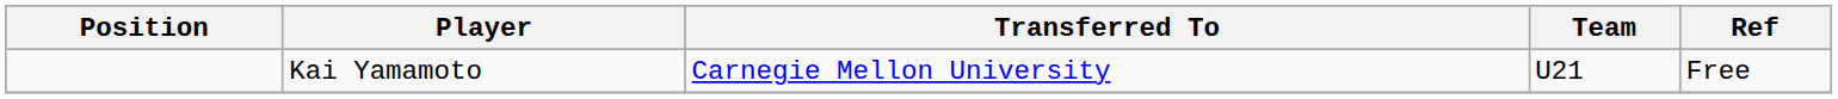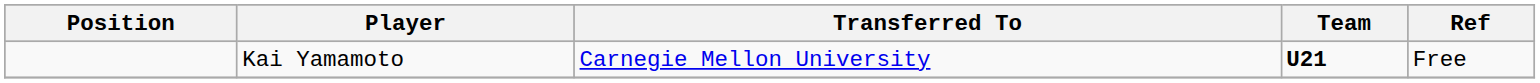 <table class="wikitable sortable" style="width:70%; text-align:center; font-size:100%; text-align:left;">
 <tr>
 <th>Position</th>
 <th>Player</th>
 <th>Transferred To</th>
 <th>Team</th>
 <th>Ref</th>
 </tr>
 <tr>
 <td></td>
 <td> Kai Yamamoto</td>
 <td> <a href='#'>Carnegie Mellon University</a></td>
-<td>U21</td>
+<td><strong>U21</strong></td>
 <td>Free</td>
 </tr>
 <tr>
 </tr>
 </table>
